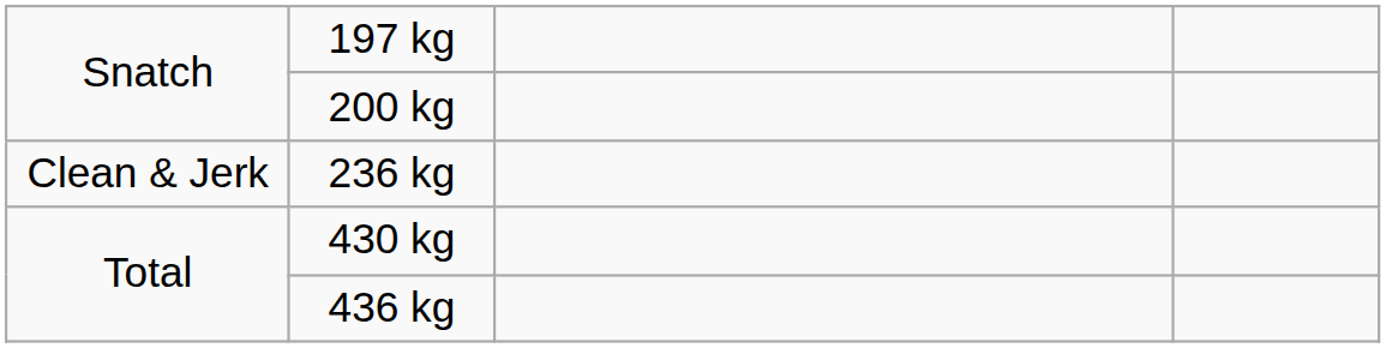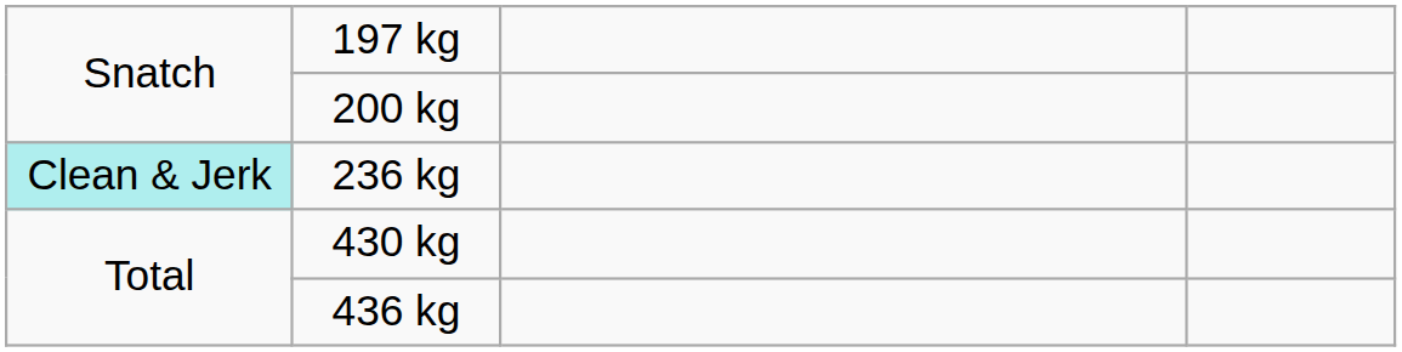 <table class = "wikitable" style="text-align:center;">
 <tr>
 <td rowspan=2 width=100>Snatch</td>
 <td width=70>197 kg</td>
 <td width=250 align=left></td>
 <td width=70></td>
 </tr>
 <tr>
 <td>200 kg</td>
 <td align=left></td>
 <td></td>
 </tr>
 <tr>
-<td>Clean & Jerk</td>
+<td style="background: paleturquoise;">Clean & Jerk</td>
 <td>236 kg</td>
 <td align=left></td>
 <td></td>
 </tr>
 <tr>
 <td rowspan=2>Total</td>
 <td>430 kg</td>
 <td align=left></td>
 <td></td>
 </tr>
 <tr>
 <td>436 kg</td>
 <td align=left></td>
 <td></td>
 </tr>
 </table>
